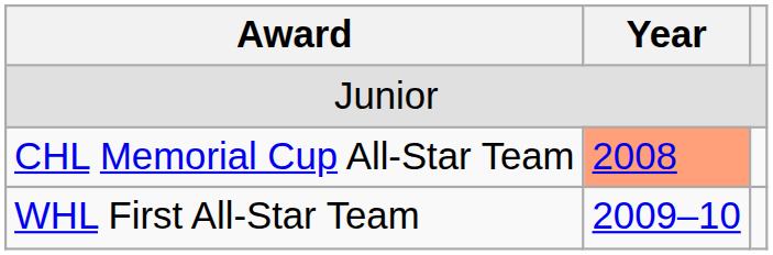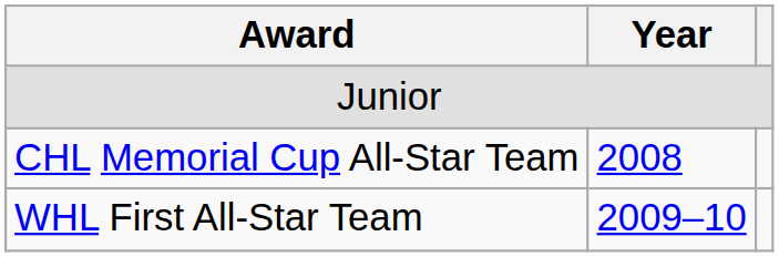 <table class="wikitable">
 <tr>
 <th>Award</th>
 <th>Year</th>
 <th></th>
 </tr>
 <tr ALIGN="center" bgcolor="#e0e0e0">
 <td colspan="3">Junior</td>
 </tr>
 <tr>
 <td><a href='#'>CHL</a> <a href='#'>Memorial Cup</a> All-Star Team</td>
-<td style="background: lightsalmon;"><a href='#'>2008</a></td>
+<td><a href='#'>2008</a></td>
 <td></td>
 </tr>
 <tr>
 <td><a href='#'>WHL</a> First All-Star Team</td>
 <td><a href='#'>2009–10</a></td>
 <td></td>
 </tr>
 </table>
